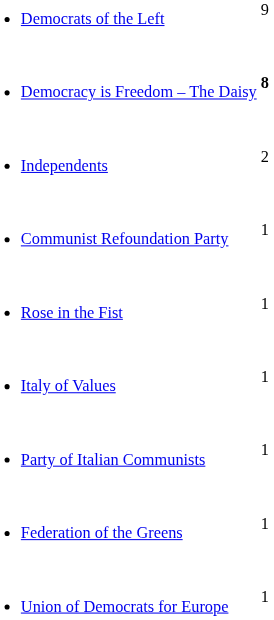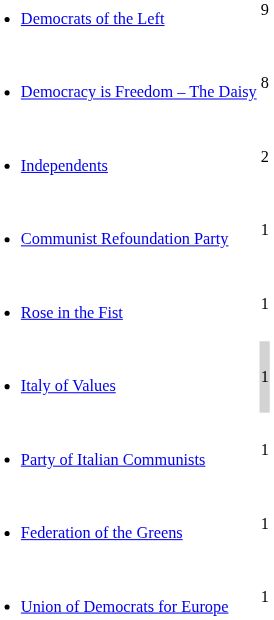 <table>
 <tr>
 <td><br><ul><li><a href='#'>Democrats of the Left</a></li></ul></td>
 <td><div>9</div></td>
 </tr>
 <tr>
 <td><br><ul><li><a href='#'>Democracy is Freedom – The Daisy</a></li></ul></td>
-<td><strong><div>8</div></strong></td>
+<td><div>8</div></td>
 </tr>
 <tr>
 <td><br><ul><li><a href='#'>Independents</a></li></ul></td>
 <td><div>2</div></td>
 </tr>
 <tr>
 <td><br><ul><li><a href='#'>Communist Refoundation Party</a></li></ul></td>
 <td><div>1</div></td>
 </tr>
 <tr>
 <td><br><ul><li><a href='#'>Rose in the Fist</a></li></ul></td>
 <td><div>1</div></td>
 </tr>
 <tr>
 <td><br><ul><li><a href='#'>Italy of Values</a></li></ul></td>
-<td><div>1</div></td>
+<td style="background: lightgrey;"><div>1</div></td>
 </tr>
 <tr>
 <td><br><ul><li><a href='#'>Party of Italian Communists</a></li></ul></td>
 <td><div>1</div></td>
 </tr>
 <tr>
 <td><br><ul><li><a href='#'>Federation of the Greens</a></li></ul></td>
 <td><div>1</div></td>
 </tr>
 <tr>
 <td><br><ul><li><a href='#'>Union of Democrats for Europe</a></li></ul></td>
 <td><div>1</div></td>
 </tr>
 </table>
